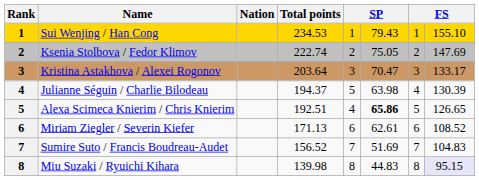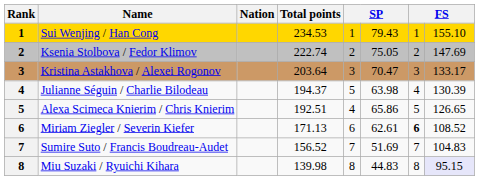 <table class="wikitable sortable">
 <tr>
 <th>Rank</th>
 <th>Name</th>
 <th>Nation</th>
 <th>Total points</th>
 <th colspan="2" width="80px"><a href='#'>SP</a></th>
 <th colspan="2" width="80px"><a href='#'>FS</a></th>
 </tr>
 <tr bgcolor="gold">
 <td align="center"><strong>1</strong></td>
 <td><a href='#'>Sui Wenjing</a> / <a href='#'>Han Cong</a></td>
 <td></td>
 <td align="center">234.53</td>
 <td align="center">1</td>
 <td align="center">79.43</td>
 <td align="center">1</td>
 <td align="center">155.10</td>
 </tr>
 <tr bgcolor="silver">
 <td align="center"><strong>2</strong></td>
 <td><a href='#'>Ksenia Stolbova</a> / <a href='#'>Fedor Klimov</a></td>
 <td></td>
 <td align="center">222.74</td>
 <td align="center">2</td>
 <td align="center">75.05</td>
 <td align="center">2</td>
 <td align="center">147.69</td>
 </tr>
 <tr bgcolor="cc9966">
 <td align="center"><strong>3</strong></td>
 <td><a href='#'>Kristina Astakhova</a> / <a href='#'>Alexei Rogonov</a></td>
 <td></td>
 <td align="center">203.64</td>
 <td align="center">3</td>
 <td align="center">70.47</td>
 <td align="center">3</td>
 <td align="center">133.17</td>
 </tr>
 <tr>
 <th>4</th>
 <td><a href='#'>Julianne Séguin</a> / <a href='#'>Charlie Bilodeau</a></td>
 <td></td>
 <td align="center">194.37</td>
 <td align="center">5</td>
 <td align="center">63.98</td>
 <td align="center">4</td>
 <td align="center">130.39</td>
 </tr>
 <tr>
 <th>5</th>
 <td><a href='#'>Alexa Scimeca Knierim</a> / <a href='#'>Chris Knierim</a></td>
 <td></td>
 <td align="center">192.51</td>
 <td align="center">4</td>
-<td align="center"><strong>65.86</strong></td>
+<td align="center">65.86</td>
 <td align="center">5</td>
 <td align="center">126.65</td>
 </tr>
 <tr>
 <th>6</th>
 <td><a href='#'>Miriam Ziegler</a> / <a href='#'>Severin Kiefer</a></td>
 <td></td>
 <td align="center">171.13</td>
 <td align="center">6</td>
 <td align="center">62.61</td>
-<td align="center">6</td>
+<td align="center"><strong>6</strong></td>
 <td align="center">108.52</td>
 </tr>
 <tr>
 <th>7</th>
 <td><a href='#'>Sumire Suto</a> / <a href='#'>Francis Boudreau-Audet</a></td>
 <td></td>
 <td align="center">156.52</td>
 <td align="center">7</td>
 <td align="center">51.69</td>
 <td align="center">7</td>
 <td align="center">104.83</td>
 </tr>
 <tr>
 <th>8</th>
 <td><a href='#'>Miu Suzaki</a> / <a href='#'>Ryuichi Kihara</a></td>
 <td></td>
 <td align="center">139.98</td>
 <td align="center">8</td>
 <td align="center">44.83</td>
 <td align="center">8</td>
 <td align="center" style="background: lavender;">95.15</td>
 </tr>
 </table>
